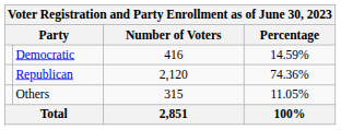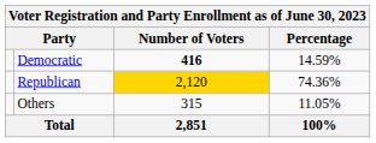 <table class=wikitable>
 <tr>
 <th colspan = 6>Voter Registration and Party Enrollment as of June 30, 2023</th>
 </tr>
 <tr>
 <th colspan = 2>Party</th>
 <th>Number of Voters</th>
 <th>Percentage</th>
 </tr>
 <tr>
 <td></td>
 <td><a href='#'>Democratic</a></td>
-<td align = center>416</td>
+<td align = center><strong>416</strong></td>
 <td align = center>14.59%</td>
 </tr>
 <tr>
 <td></td>
 <td><a href='#'>Republican</a></td>
-<td align = center>2,120</td>
+<td align = center style="background: gold;">2,120</td>
 <td align = center>74.36%</td>
 </tr>
 <tr>
 <td></td>
 <td>Others</td>
 <td align = center>315</td>
 <td align = center>11.05%</td>
 </tr>
 <tr>
 <th colspan = 2>Total</th>
 <th align = center>2,851</th>
 <th align = center>100%</th>
 </tr>
 </table>
